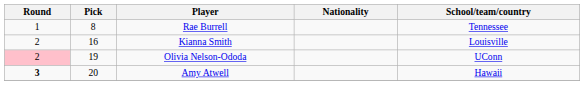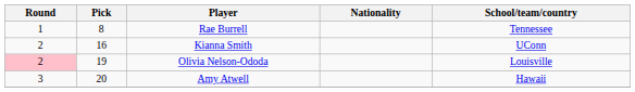 <table class="wikitable" style="text-align:center; width:60em">
 <tr>
 <th>Round</th>
 <th>Pick</th>
 <th>Player</th>
 <th>Nationality</th>
 <th>School/team/country</th>
 </tr>
 <tr>
 <td>1</td>
 <td>8</td>
 <td><a href='#'>Rae Burrell</a></td>
 <td></td>
 <td><a href='#'>Tennessee</a></td>
 </tr>
 <tr>
 <td>2</td>
 <td>16</td>
 <td><a href='#'>Kianna Smith</a></td>
 <td></td>
-<td><a href='#'>Louisville</a></td>
+<td><a href='#'>UConn</a></td>
 </tr>
 <tr>
 <td style="background: pink;">2</td>
 <td>19</td>
 <td><a href='#'>Olivia Nelson-Ododa</a></td>
 <td></td>
-<td><a href='#'>UConn</a></td>
+<td><a href='#'>Louisville</a></td>
 </tr>
 <tr>
-<td><strong>3</strong></td>
+<td>3</td>
 <td>20</td>
 <td><a href='#'>Amy Atwell</a></td>
 <td></td>
 <td><a href='#'>Hawaii</a></td>
 </tr>
 <tr>
 </tr>
 </table>
